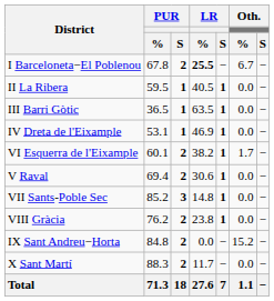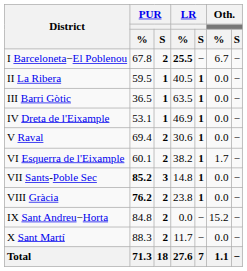 <table class='wikitable sortable' style='text-align:right; font-size:95%; line-height:20px;'>
 <tr>
 <th rowspan='3'>District</th>
 <th colspan='2' width='30px'><a href='#'>PUR</a></th>
 <th colspan='2' width='30px'><a href='#'>LR</a></th>
 <th colspan='2' width='30px'>Oth.</th>
 </tr>
 <tr>
 <th colspan='2' style='background:'></th>
 <th colspan='2' style='background:'></th>
 <th colspan='2' style='background:#777777'></th>
 </tr>
 <tr>
 <th data-sort-type='number'>%</th>
 <th data-sort-type='number'>S</th>
 <th data-sort-type='number'>%</th>
 <th data-sort-type='number'>S</th>
 <th data-sort-type='number'>%</th>
 <th data-sort-type='number'>S</th>
 </tr>
 <tr>
 <td style='text-align: left;'>I <a href='#'>Barceloneta</a>−<a href='#'>El Poblenou</a></td>
 <td style='text-align: right;'>67.8</td>
 <td style='text-align: right;'><strong>2</strong></td>
 <td style='text-align: right;'><strong>25.5</strong></td>
 <td style='text-align: right;'>−</td>
 <td style='text-align: right;'>6.7</td>
 <td style='text-align: right;'>−</td>
 </tr>
 <tr>
 <td style='text-align: left;'>II <a href='#'>La Ribera</a></td>
 <td style='text-align: right;'>59.5</td>
 <td style='text-align: right;'><strong>1</strong></td>
 <td style='text-align: right;'>40.5</td>
 <td style='text-align: right;'><strong>1</strong></td>
 <td style='text-align: right;'>0.0</td>
 <td style='text-align: right;'>−</td>
 </tr>
 <tr>
 <td style='text-align: left;'>III <a href='#'>Barri Gòtic</a></td>
 <td style='text-align: right;'>36.5</td>
 <td style='text-align: right;'><strong>1</strong></td>
 <td style='text-align: right;'>63.5</td>
 <td style='text-align: right;'><strong>1</strong></td>
 <td style='text-align: right;'>0.0</td>
 <td style='text-align: right;'>−</td>
 </tr>
 <tr>
 <td style='text-align: left;'>IV <a href='#'>Dreta de l'Eixample</a></td>
 <td style='text-align: right;'>53.1</td>
 <td style='text-align: right;'><strong>1</strong></td>
 <td style='text-align: right;'>46.9</td>
 <td style='text-align: right;'><strong>1</strong></td>
 <td style='text-align: right;'>0.0</td>
 <td style='text-align: right;'>−</td>
 </tr>
 <tr>
+<td style='text-align: left;'>V <a href='#'>Raval</a></td>
+<td style='text-align: right;'>69.4</td>
+<td style='text-align: right;'><strong>2</strong></td>
+<td style='text-align: right;'>30.6</td>
+<td style='text-align: right;'><strong>1</strong></td>
+<td style='text-align: right;'>0.0</td>
+<td style='text-align: right;'>−</td>
+</tr>
+<tr>
 <td style='text-align: left;'>VI <a href='#'>Esquerra de l'Eixample</a></td>
 <td style='text-align: right;'>60.1</td>
 <td style='text-align: right;'><strong>2</strong></td>
 <td style='text-align: right;'>38.2</td>
 <td style='text-align: right;'><strong>1</strong></td>
 <td style='text-align: right;'>1.7</td>
 <td style='text-align: right;'>−</td>
 </tr>
 <tr>
-<td style='text-align: left;'>V <a href='#'>Raval</a></td>
-<td style='text-align: right;'>69.4</td>
-<td style='text-align: right;'><strong>2</strong></td>
-<td style='text-align: right;'>30.6</td>
-<td style='text-align: right;'><strong>1</strong></td>
-<td style='text-align: right;'>0.0</td>
-<td style='text-align: right;'>−</td>
-</tr>
-<tr>
 <td style='text-align: left;'>VII <a href='#'>Sants</a>-<a href='#'>Poble Sec</a></td>
-<td style='text-align: right;'>85.2</td>
+<td style='text-align: right;'><strong>85.2</strong></td>
 <td style='text-align: right;'><strong>3</strong></td>
 <td style='text-align: right;'>14.8</td>
 <td style='text-align: right;'><strong>1</strong></td>
 <td style='text-align: right;'>0.0</td>
 <td style='text-align: right;'>−</td>
 </tr>
 <tr>
 <td style='text-align: left;'>VIII <a href='#'>Gràcia</a></td>
-<td style='text-align: right;'>76.2</td>
+<td style='text-align: right;'><strong>76.2</strong></td>
 <td style='text-align: right;'><strong>2</strong></td>
 <td style='text-align: right;'>23.8</td>
 <td style='text-align: right;'><strong>1</strong></td>
 <td style='text-align: right;'>0.0</td>
 <td style='text-align: right;'>−</td>
 </tr>
 <tr>
 <td style='text-align: left;'>IX <a href='#'>Sant Andreu</a>−<a href='#'>Horta</a></td>
 <td style='text-align: right;'>84.8</td>
 <td style='text-align: right;'><strong>2</strong></td>
 <td style='text-align: right;'>0.0</td>
 <td style='text-align: right;'>−</td>
 <td style='text-align: right;'>15.2</td>
 <td style='text-align: right;'>−</td>
 </tr>
 <tr>
 <td style='text-align: left;'>X <a href='#'>Sant Martí</a></td>
 <td style='text-align: right;'>88.3</td>
 <td style='text-align: right;'><strong>2</strong></td>
 <td style='text-align: right;'>11.7</td>
 <td style='text-align: right;'>−</td>
 <td style='text-align: right;'>0.0</td>
 <td style='text-align: right;'>−</td>
 </tr>
 <tr>
 <th style='text-align: left;'>Total</th>
 <th style='text-align: right;'>71.3</th>
 <th style='text-align: right;'><strong>18</strong></th>
 <th style='text-align: right;'>27.6</th>
 <th style='text-align: right;'><strong>7</strong></th>
 <th style='text-align: right;'>1.1</th>
 <th style='text-align: right;'>−</th>
 </tr>
 </table>
